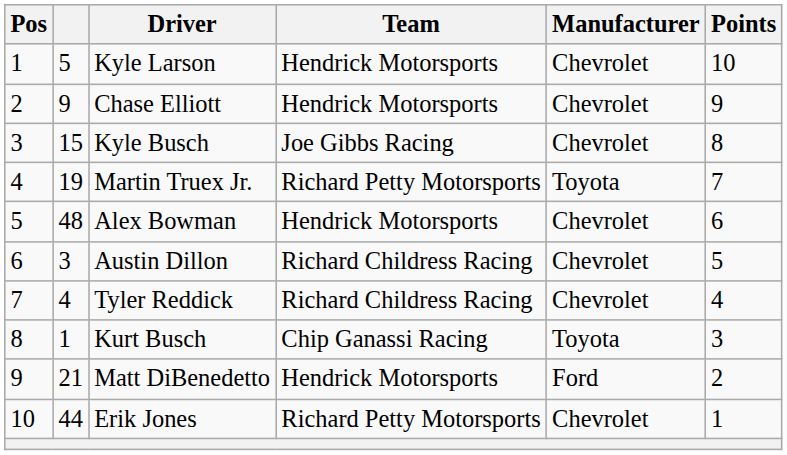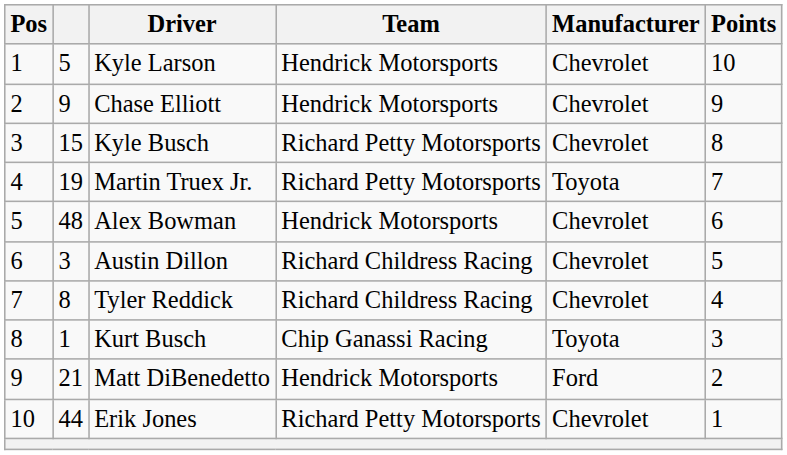 <table class="wikitable" style="font-size:98%">
 <tr>
 <th>Pos</th>
 <th></th>
 <th>Driver</th>
 <th>Team</th>
 <th>Manufacturer</th>
 <th>Points</th>
 </tr>
 <tr>
 <td>1</td>
 <td>5</td>
 <td>Kyle Larson</td>
 <td>Hendrick Motorsports</td>
 <td>Chevrolet</td>
 <td>10</td>
 </tr>
 <tr>
 <td>2</td>
 <td>9</td>
 <td>Chase Elliott</td>
 <td>Hendrick Motorsports</td>
 <td>Chevrolet</td>
 <td>9</td>
 </tr>
 <tr>
 <td>3</td>
 <td>15</td>
 <td>Kyle Busch</td>
-<td>Joe Gibbs Racing</td>
+<td>Richard Petty Motorsports</td>
 <td>Chevrolet</td>
 <td>8</td>
 </tr>
 <tr>
 <td>4</td>
 <td>19</td>
 <td>Martin Truex Jr.</td>
 <td>Richard Petty Motorsports</td>
 <td>Toyota</td>
 <td>7</td>
 </tr>
 <tr>
 <td>5</td>
 <td>48</td>
 <td>Alex Bowman</td>
 <td>Hendrick Motorsports</td>
 <td>Chevrolet</td>
 <td>6</td>
 </tr>
 <tr>
 <td>6</td>
 <td>3</td>
 <td>Austin Dillon</td>
 <td>Richard Childress Racing</td>
 <td>Chevrolet</td>
 <td>5</td>
 </tr>
 <tr>
 <td>7</td>
-<td>4</td>
+<td>8</td>
 <td>Tyler Reddick</td>
 <td>Richard Childress Racing</td>
 <td>Chevrolet</td>
 <td>4</td>
 </tr>
 <tr>
 <td>8</td>
 <td>1</td>
 <td>Kurt Busch</td>
 <td>Chip Ganassi Racing</td>
 <td>Toyota</td>
 <td>3</td>
 </tr>
 <tr>
 <td>9</td>
 <td>21</td>
 <td>Matt DiBenedetto</td>
 <td>Hendrick Motorsports</td>
 <td>Ford</td>
 <td>2</td>
 </tr>
 <tr>
 <td>10</td>
 <td>44</td>
 <td>Erik Jones</td>
 <td>Richard Petty Motorsports</td>
 <td>Chevrolet</td>
 <td>1</td>
 </tr>
 <tr>
 <th colspan="6"></th>
 </tr>
 </table>
